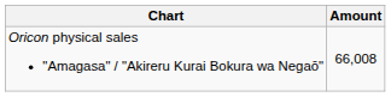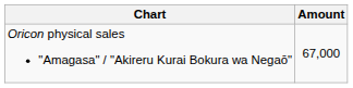 <table class="wikitable">
 <tr>
 <th>Chart</th>
 <th>Amount</th>
 </tr>
 <tr>
 <td><em>Oricon</em> physical sales<br><ul><li>"Amagasa" / "Akireru Kurai Bokura wa Negaō"</li></ul></td>
-<td align="center">66,008</td>
+<td align="center">67,000</td>
 </tr>
 </table>
